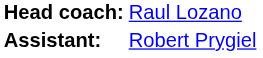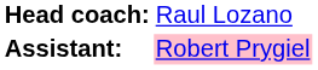 <table>
 <tr>
 <td><strong>Head coach:</strong></td>
 <td> <a href='#'>Raul Lozano</a></td>
 </tr>
 <tr>
 <td><strong>Assistant:</strong></td>
-<td> <a href='#'>Robert Prygiel</a></td>
+<td style="background: pink;"> <a href='#'>Robert Prygiel</a></td>
 </tr>
 <tr>
 </tr>
 </table>
